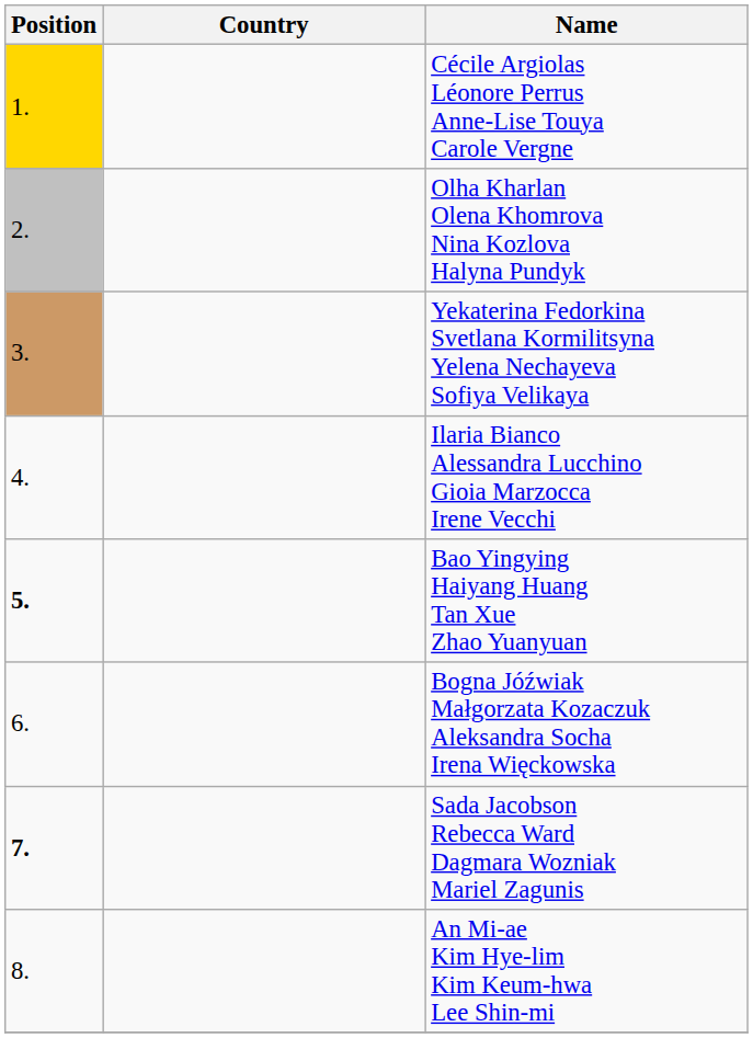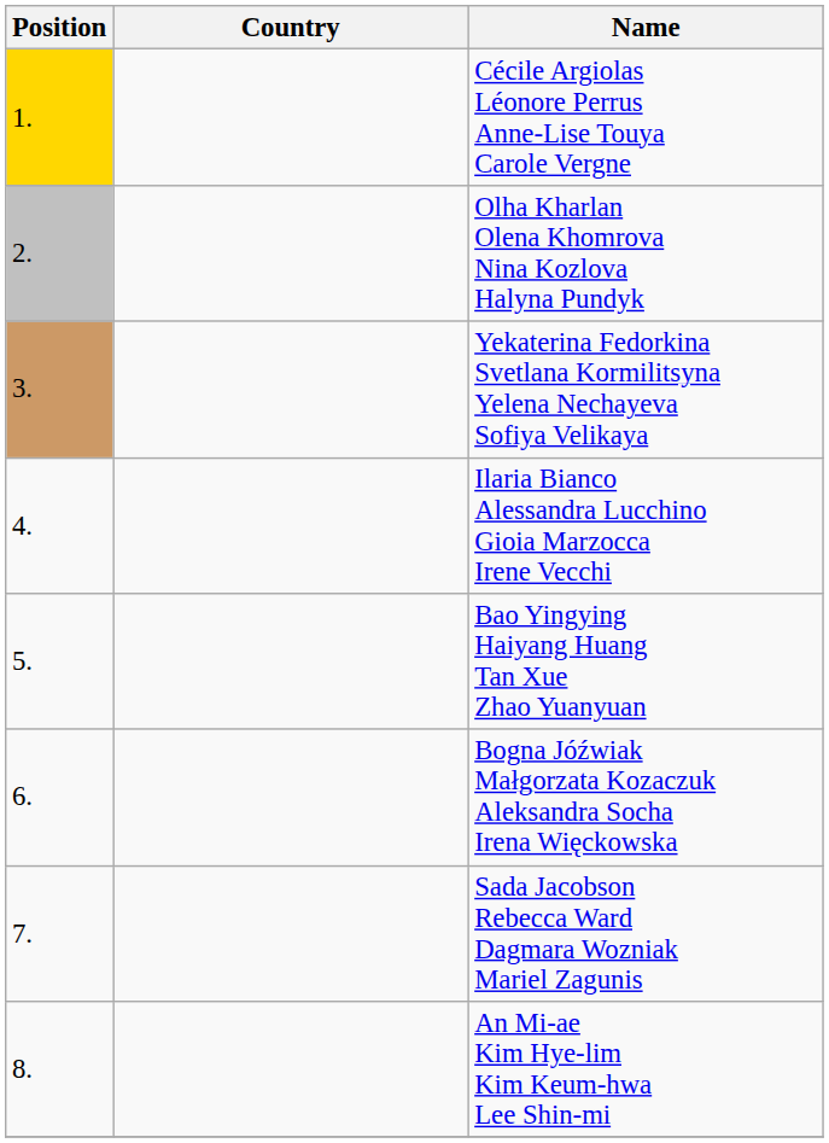 <table class="wikitable">
 <tr>
 <th width="10">Position</th>
 <th width="200">Country</th>
 <th width="200">Name</th>
 </tr>
 <tr>
 <td bgcolor="gold">1.</td>
 <td></td>
 <td><a href='#'>Cécile Argiolas</a><br><a href='#'>Léonore Perrus</a><br><a href='#'>Anne-Lise Touya</a><br><a href='#'>Carole Vergne</a></td>
 </tr>
 <tr>
 <td bgcolor="silver">2.</td>
 <td></td>
 <td><a href='#'>Olha Kharlan</a> <br><a href='#'>Olena Khomrova</a> <br><a href='#'>Nina Kozlova</a> <br> <a href='#'>Halyna Pundyk</a></td>
 </tr>
 <tr>
 <td bgcolor="#CC9966">3.</td>
 <td></td>
 <td><a href='#'>Yekaterina Fedorkina</a><br><a href='#'>Svetlana Kormilitsyna</a><br><a href='#'>Yelena Nechayeva</a> <br><a href='#'>Sofiya Velikaya</a></td>
 </tr>
 <tr>
 <td>4.</td>
 <td></td>
 <td><a href='#'>Ilaria Bianco</a><br><a href='#'>Alessandra Lucchino</a><br><a href='#'>Gioia Marzocca</a><br><a href='#'>Irene Vecchi</a></td>
 </tr>
 <tr>
-<td><strong>5.</strong></td>
+<td>5.</td>
 <td></td>
 <td><a href='#'>Bao Yingying</a> <br><a href='#'>Haiyang Huang</a><br><a href='#'>Tan Xue</a><br><a href='#'>Zhao Yuanyuan</a></td>
 </tr>
 <tr>
 <td>6.</td>
 <td></td>
 <td><a href='#'>Bogna Jóźwiak</a><br><a href='#'>Małgorzata Kozaczuk</a><br><a href='#'>Aleksandra Socha</a><br><a href='#'>Irena Więckowska</a></td>
 </tr>
 <tr>
-<td><strong>7.</strong></td>
+<td>7.</td>
 <td></td>
 <td><a href='#'>Sada Jacobson</a><br><a href='#'>Rebecca Ward</a> <br><a href='#'>Dagmara Wozniak</a> <br><a href='#'>Mariel Zagunis</a></td>
 </tr>
 <tr>
 <td>8.</td>
 <td></td>
 <td><a href='#'>An Mi-ae</a> <br> <a href='#'>Kim Hye-lim</a>  <br><a href='#'>Kim Keum-hwa</a> <br> <a href='#'>Lee Shin-mi</a></td>
 </tr>
 <tr>
 </tr>
 </table>
